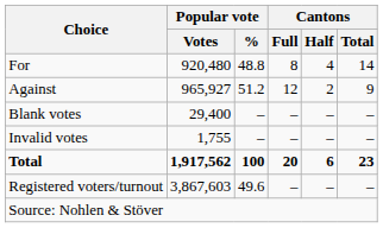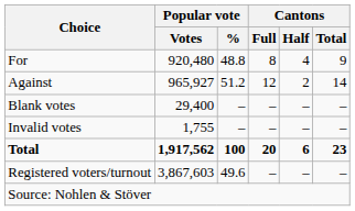 <table class=wikitable style=text-align:right>
 <tr>
 <th rowspan=2>Choice</th>
 <th colspan=2>Popular vote</th>
 <th colspan=3>Cantons</th>
 </tr>
 <tr>
 <th>Votes</th>
 <th>%</th>
 <th>Full</th>
 <th>Half</th>
 <th>Total</th>
 </tr>
 <tr>
 <td align=left>For</td>
 <td>920,480</td>
 <td>48.8</td>
 <td>8</td>
 <td>4</td>
-<td>14</td>
+<td>9</td>
 </tr>
 <tr>
 <td align=left>Against</td>
 <td>965,927</td>
 <td>51.2</td>
 <td>12</td>
 <td>2</td>
-<td>9</td>
+<td>14</td>
 </tr>
 <tr>
 <td align=left>Blank votes</td>
 <td>29,400</td>
 <td>–</td>
 <td>–</td>
 <td>–</td>
 <td>–</td>
 </tr>
 <tr>
 <td align=left>Invalid votes</td>
 <td>1,755</td>
 <td>–</td>
 <td>–</td>
 <td>–</td>
 <td>–</td>
 </tr>
 <tr>
 <td align=left><strong>Total</strong></td>
 <td><strong>1,917,562</strong></td>
 <td><strong>100</strong></td>
 <td><strong>20</strong></td>
 <td><strong>6</strong></td>
 <td><strong>23</strong></td>
 </tr>
 <tr>
 <td align=left>Registered voters/turnout</td>
 <td>3,867,603</td>
 <td>49.6</td>
 <td>–</td>
 <td>–</td>
 <td>–</td>
 </tr>
 <tr>
 <td align=left colspan=11>Source: Nohlen & Stöver</td>
 </tr>
 </table>
